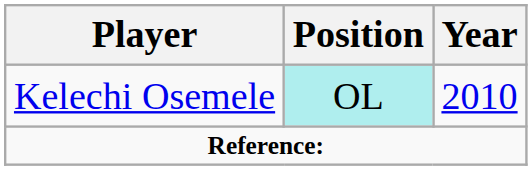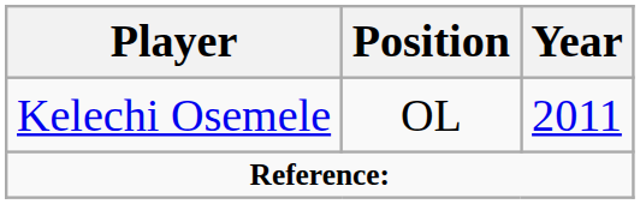 <table class="wikitable" style="text-align: center">
 <tr align=center>
 <th>Player</th>
 <th>Position</th>
 <th>Year</th>
 </tr>
 <tr align=center>
 <td><a href='#'>Kelechi Osemele</a></td>
-<td style="background: paleturquoise;">OL</td>
-<td><a href='#'>2010</a></td>
+<td>OL</td>
+<td><a href='#'>2011</a></td>
 </tr>
 <tr align=center>
 <td colspan="6"  style="font-size:8pt; text-align:center;"><strong>Reference:</strong></td>
 </tr>
 </table>
